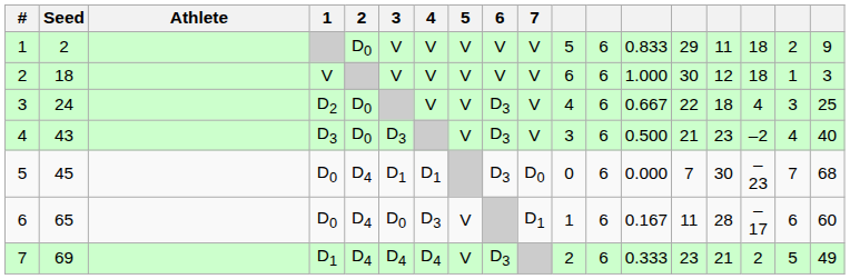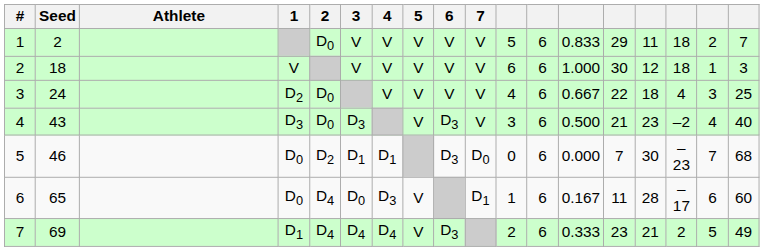 <table class="wikitable" style="text-align:center">
 <tr>
 <th width="25">#</th>
 <th width="25">Seed</th>
 <th width="200">Athlete</th>
 <th width="25">1</th>
 <th width="25">2</th>
 <th width="25">3</th>
 <th width="25">4</th>
 <th width="25">5</th>
 <th width="25">6</th>
 <th width="25">7</th>
 <th width="25"></th>
 <th width="25"></th>
 <th width="40"></th>
 <th width="25"></th>
 <th width="25"></th>
 <th width="25"></th>
 <th width="25"></th>
 <th width="25"></th>
 </tr>
 <tr bgcolor="ccffcc">
 <td>1</td>
 <td>2</td>
 <td align=left></td>
 <td bgcolor="#cccccc"></td>
 <td>D<sub>0</sub></td>
 <td>V</td>
 <td>V</td>
 <td>V</td>
 <td>V</td>
 <td>V</td>
 <td>5</td>
 <td>6</td>
 <td>0.833</td>
 <td>29</td>
 <td>11</td>
 <td>18</td>
 <td>2</td>
-<td>9</td>
+<td>7</td>
 </tr>
 <tr bgcolor="ccffcc">
 <td>2</td>
 <td>18</td>
 <td align=left></td>
 <td>V</td>
 <td bgcolor="#cccccc"></td>
 <td>V</td>
 <td>V</td>
 <td>V</td>
 <td>V</td>
 <td>V</td>
 <td>6</td>
 <td>6</td>
 <td>1.000</td>
 <td>30</td>
 <td>12</td>
 <td>18</td>
 <td>1</td>
 <td>3</td>
 </tr>
 <tr bgcolor="ccffcc">
 <td>3</td>
 <td>24</td>
 <td align=left></td>
 <td>D<sub>2</sub></td>
 <td>D<sub>0</sub></td>
 <td bgcolor="#cccccc"></td>
 <td>V</td>
 <td>V</td>
-<td>D<sub>3</sub></td>
+<td>V</td>
 <td>V</td>
 <td>4</td>
 <td>6</td>
 <td>0.667</td>
 <td>22</td>
 <td>18</td>
 <td>4</td>
 <td>3</td>
 <td>25</td>
 </tr>
 <tr bgcolor="ccffcc">
 <td>4</td>
 <td>43</td>
 <td align=left></td>
 <td>D<sub>3</sub></td>
 <td>D<sub>0</sub></td>
 <td>D<sub>3</sub></td>
 <td bgcolor="#cccccc"></td>
 <td>V</td>
 <td>D<sub>3</sub></td>
 <td>V</td>
 <td>3</td>
 <td>6</td>
 <td>0.500</td>
 <td>21</td>
 <td>23</td>
 <td>–2</td>
 <td>4</td>
 <td>40</td>
 </tr>
 <tr>
 <td>5</td>
-<td>45</td>
+<td>46</td>
 <td align=left></td>
 <td>D<sub>0</sub></td>
-<td>D<sub>4</sub></td>
+<td>D<sub>2</sub></td>
 <td>D<sub>1</sub></td>
 <td>D<sub>1</sub></td>
 <td bgcolor="#cccccc"></td>
 <td>D<sub>3</sub></td>
 <td>D<sub>0</sub></td>
 <td>0</td>
 <td>6</td>
 <td>0.000</td>
 <td>7</td>
 <td>30</td>
 <td>–23</td>
 <td>7</td>
 <td>68</td>
 </tr>
 <tr>
 <td>6</td>
 <td>65</td>
 <td align=left></td>
 <td>D<sub>0</sub></td>
 <td>D<sub>4</sub></td>
 <td>D<sub>0</sub></td>
 <td>D<sub>3</sub></td>
 <td>V</td>
 <td bgcolor="#cccccc"></td>
 <td>D<sub>1</sub></td>
 <td>1</td>
 <td>6</td>
 <td>0.167</td>
 <td>11</td>
 <td>28</td>
 <td>–17</td>
 <td>6</td>
 <td>60</td>
 </tr>
 <tr bgcolor="ccffcc">
 <td>7</td>
 <td>69</td>
 <td align=left></td>
 <td>D<sub>1</sub></td>
 <td>D<sub>4</sub></td>
 <td>D<sub>4</sub></td>
 <td>D<sub>4</sub></td>
 <td>V</td>
 <td>D<sub>3</sub></td>
 <td bgcolor="#cccccc"></td>
 <td>2</td>
 <td>6</td>
 <td>0.333</td>
 <td>23</td>
 <td>21</td>
 <td>2</td>
 <td>5</td>
 <td>49</td>
 </tr>
 </table>
